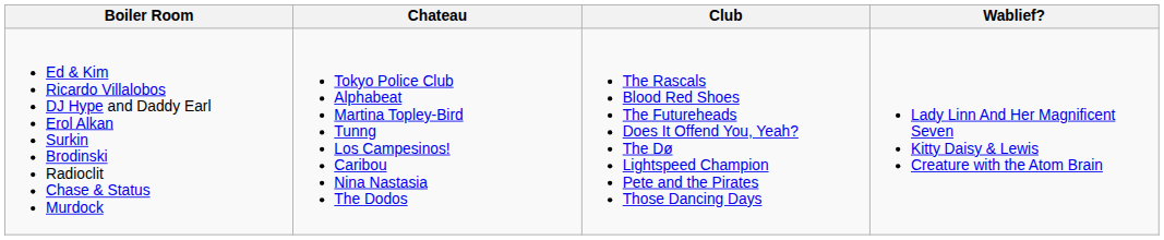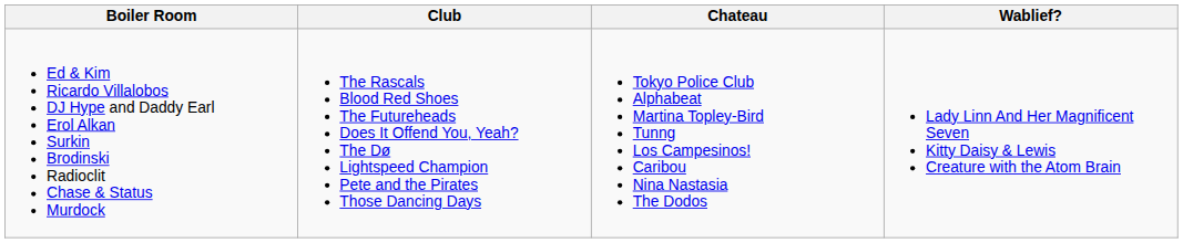 <table class="wikitable">
 <tr>
 <th width="300" rowspan="1">Boiler Room</th>
+<th width="300" rowspan="1">Club</th>
 <th width="300" rowspan="1">Chateau</th>
-<th width="300" rowspan="1">Club</th>
 <th width="300" rowspan="1">Wablief?</th>
 </tr>
 <tr>
 <td><br><ul><li><a href='#'>Ed & Kim</a></li><li><a href='#'>Ricardo Villalobos</a></li><li><a href='#'>DJ Hype</a> and Daddy Earl</li><li><a href='#'>Erol Alkan</a></li><li><a href='#'>Surkin</a></li><li><a href='#'>Brodinski</a></li><li>Radioclit</li><li><a href='#'>Chase & Status</a></li><li><a href='#'>Murdock</a></li></ul></td>
+<td><br><ul><li><a href='#'>The Rascals</a></li><li><a href='#'>Blood Red Shoes</a></li><li><a href='#'>The Futureheads</a></li><li><a href='#'>Does It Offend You, Yeah?</a></li><li><a href='#'>The Dø</a></li><li><a href='#'>Lightspeed Champion</a></li><li><a href='#'>Pete and the Pirates</a></li><li><a href='#'>Those Dancing Days</a></li></ul></td>
 <td><br><ul><li><a href='#'>Tokyo Police Club</a></li><li><a href='#'>Alphabeat</a></li><li><a href='#'>Martina Topley-Bird</a></li><li><a href='#'>Tunng</a></li><li><a href='#'>Los Campesinos!</a></li><li><a href='#'>Caribou</a></li><li><a href='#'>Nina Nastasia</a></li><li><a href='#'>The Dodos</a></li></ul></td>
-<td><br><ul><li><a href='#'>The Rascals</a></li><li><a href='#'>Blood Red Shoes</a></li><li><a href='#'>The Futureheads</a></li><li><a href='#'>Does It Offend You, Yeah?</a></li><li><a href='#'>The Dø</a></li><li><a href='#'>Lightspeed Champion</a></li><li><a href='#'>Pete and the Pirates</a></li><li><a href='#'>Those Dancing Days</a></li></ul></td>
 <td><br><ul><li><a href='#'>Lady Linn And Her Magnificent Seven</a></li><li><a href='#'>Kitty Daisy & Lewis</a></li><li><a href='#'>Creature with the Atom Brain</a></li></ul></td>
 </tr>
 </table>
